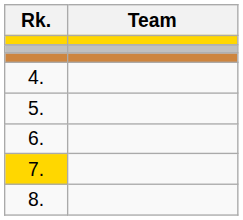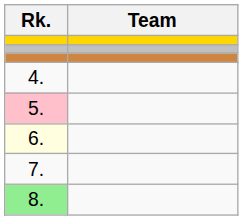 <table class="wikitable" style="border:1px solid #AAAAAA;font-size:90%">
 <tr bgcolor="#E4E4E4">
 <th style="border-bottom:1px solid #AAAAAA" width=40>Rk.</th>
 <th style="border-bottom:1px solid #AAAAAA" width=120>Team</th>
 </tr>
 <tr style="background:#ffd700;">
 <td align=center></td>
 <td></td>
 </tr>
 <tr style="background:#c0c0c0;">
 <td align=center></td>
 <td></td>
 </tr>
 <tr style="background:#CD853F;">
 <td align=center></td>
 <td></td>
 </tr>
 <tr>
 <td align=center>4.</td>
 <td></td>
 </tr>
 <tr>
-<td align=center>5.</td>
+<td align=center style="background: pink;">5.</td>
 <td></td>
 </tr>
 <tr>
-<td align=center>6.</td>
+<td align=center style="background: lightyellow;">6.</td>
 <td></td>
 </tr>
 <tr>
-<td align=center style="background: gold;">7.</td>
+<td align=center>7.</td>
 <td></td>
 </tr>
 <tr>
-<td align=center>8.</td>
+<td align=center style="background: lightgreen;">8.</td>
 <td></td>
 </tr>
 </table>
